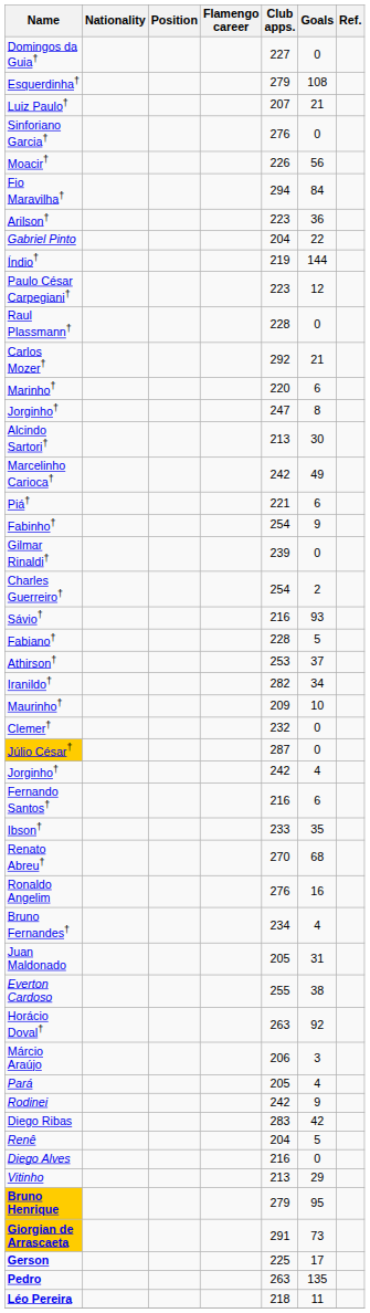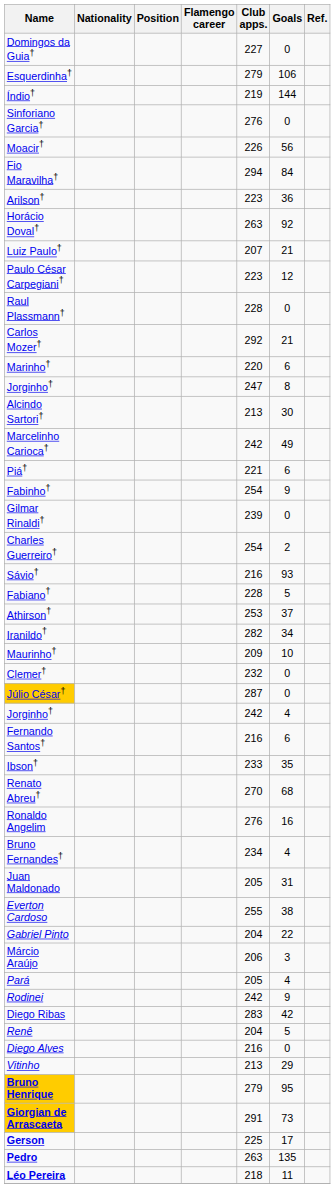 <table width=70% class="wikitable sortable" style="text-align:center;">
 <tr>
 <th>Name</th>
 <th>Nationality</th>
 <th>Position</th>
 <th>Flamengo career</th>
 <th>Club apps.</th>
 <th>Goals</th>
 <th class="unsortable">Ref.</th>
 </tr>
 <tr>
 <td scope="row" align="left"><a href='#'>Domingos da Guia</a><sup>†</sup></td>
 <td align="left"></td>
 <td></td>
 <td></td>
 <td>227</td>
 <td>0</td>
 <td></td>
 </tr>
 <tr>
 <td scope="row" align="left"><a href='#'>Esquerdinha</a><sup>†</sup></td>
 <td align="left"></td>
 <td></td>
 <td></td>
 <td>279</td>
-<td>108</td>
+<td>106</td>
 <td></td>
 </tr>
 <tr>
-<td scope="row" align="left"><a href='#'>Luiz Paulo</a><sup>†</sup></td>
+<td scope="row" align="left"><a href='#'>Índio</a><sup>†</sup></td>
 <td align="left"></td>
 <td></td>
 <td></td>
-<td>207</td>
-<td>21</td>
+<td>219</td>
+<td>144</td>
 <td></td>
 </tr>
 <tr>
 <td scope="row" align="left"><a href='#'>Sinforiano Garcia</a><sup>†</sup></td>
 <td align="left"></td>
 <td></td>
 <td></td>
 <td>276</td>
 <td>0</td>
 <td></td>
 </tr>
 <tr>
 <td scope="row" align="left"><a href='#'>Moacir</a><sup>†</sup></td>
 <td align="left"></td>
 <td></td>
 <td></td>
 <td>226</td>
 <td>56</td>
 <td></td>
 </tr>
 <tr>
 <td scope="row" align="left"><a href='#'>Fio Maravilha</a><sup>†</sup></td>
 <td align="left"></td>
 <td></td>
 <td></td>
 <td>294</td>
 <td>84</td>
 <td></td>
 </tr>
 <tr>
 <td scope="row" align="left"><a href='#'>Arilson</a><sup>†</sup></td>
 <td align="left"></td>
 <td></td>
 <td></td>
 <td>223</td>
 <td>36</td>
 <td></td>
 </tr>
 <tr>
-<td scope="row" align="left"><em><a href='#'>Gabriel Pinto</a></em></td>
+<td scope="row" align="left"><a href='#'>Horácio Doval</a><sup>†</sup></td>
 <td align="left"></td>
 <td></td>
 <td></td>
-<td>204</td>
-<td>22</td>
+<td>263</td>
+<td>92</td>
 <td></td>
 </tr>
 <tr>
-<td scope="row" align="left"><a href='#'>Índio</a><sup>†</sup></td>
+<td scope="row" align="left"><a href='#'>Luiz Paulo</a><sup>†</sup></td>
 <td align="left"></td>
 <td></td>
 <td></td>
-<td>219</td>
-<td>144</td>
+<td>207</td>
+<td>21</td>
 <td></td>
 </tr>
 <tr>
 <td scope="row" align="left"><a href='#'>Paulo César Carpegiani</a><sup>†</sup></td>
 <td align="left"></td>
 <td></td>
 <td></td>
 <td>223</td>
 <td>12</td>
 <td></td>
 </tr>
 <tr>
 <td scope="row" align="left"><a href='#'>Raul Plassmann</a><sup>†</sup></td>
 <td align="left"></td>
 <td></td>
 <td></td>
 <td>228</td>
 <td>0</td>
 <td></td>
 </tr>
 <tr>
 <td scope="row" align="left"><a href='#'>Carlos Mozer</a><sup>†</sup></td>
 <td align="left"></td>
 <td></td>
 <td></td>
 <td>292</td>
 <td>21</td>
 <td></td>
 </tr>
 <tr>
 <td scope="row" align="left"><a href='#'>Marinho</a><sup>†</sup></td>
 <td align="left"></td>
 <td></td>
 <td></td>
 <td>220</td>
 <td>6</td>
 <td></td>
 </tr>
 <tr>
 <td scope="row" align="left"><a href='#'>Jorginho</a><sup>†</sup></td>
 <td align="left"></td>
 <td></td>
 <td></td>
 <td>247</td>
 <td>8</td>
 <td></td>
 </tr>
 <tr>
 <td scope="row" align="left"><a href='#'>Alcindo Sartori</a><sup>†</sup></td>
 <td align="left"></td>
 <td></td>
 <td></td>
 <td>213</td>
 <td>30</td>
 <td></td>
 </tr>
 <tr>
 <td scope="row" align="left"><a href='#'>Marcelinho Carioca</a><sup>†</sup></td>
 <td align="left"></td>
 <td></td>
 <td></td>
 <td>242</td>
 <td>49</td>
 <td></td>
 </tr>
 <tr>
 <td scope="row" align="left"><a href='#'>Piá</a><sup>†</sup></td>
 <td align="left"></td>
 <td></td>
 <td></td>
 <td>221</td>
 <td>6</td>
 <td></td>
 </tr>
 <tr>
 <td scope="row" align="left"><a href='#'>Fabinho</a><sup>†</sup></td>
 <td align="left"></td>
 <td></td>
 <td></td>
 <td>254</td>
 <td>9</td>
 <td></td>
 </tr>
 <tr>
 <td scope="row" align="left"><a href='#'>Gilmar Rinaldi</a><sup>†</sup></td>
 <td align="left"></td>
 <td></td>
 <td></td>
 <td>239</td>
 <td>0</td>
 <td></td>
 </tr>
 <tr>
 <td scope="row" align="left"><a href='#'>Charles Guerreiro</a><sup>†</sup></td>
 <td align="left"></td>
 <td></td>
 <td></td>
 <td>254</td>
 <td>2</td>
 <td></td>
 </tr>
 <tr>
 <td scope="row" align="left"><a href='#'>Sávio</a><sup>†</sup></td>
 <td align="left"></td>
 <td></td>
 <td></td>
 <td>216</td>
 <td>93</td>
 <td></td>
 </tr>
 <tr>
 <td scope="row" align="left"><a href='#'>Fabiano</a><sup>†</sup></td>
 <td align="left"></td>
 <td></td>
 <td></td>
 <td>228</td>
 <td>5</td>
 <td></td>
 </tr>
 <tr>
 <td scope="row" align="left"><a href='#'>Athirson</a><sup>†</sup></td>
 <td align="left"></td>
 <td></td>
 <td></td>
 <td>253</td>
 <td>37</td>
 <td></td>
 </tr>
 <tr>
 <td scope="row" align="left"><a href='#'>Iranildo</a><sup>†</sup></td>
 <td align="left"></td>
 <td></td>
 <td></td>
 <td>282</td>
 <td>34</td>
 <td></td>
 </tr>
 <tr>
 <td scope="row" align="left"><a href='#'>Maurinho</a><sup>†</sup></td>
 <td align="left"></td>
 <td></td>
 <td></td>
 <td>209</td>
 <td>10</td>
 <td></td>
 </tr>
 <tr>
 <td scope="row" align="left"><a href='#'>Clemer</a><sup>†</sup></td>
 <td align="left"></td>
 <td></td>
 <td></td>
 <td>232</td>
 <td>0</td>
 <td></td>
 </tr>
 <tr>
 <td scope="row" align="left" style="background-color:#FFCC00"><a href='#'>Júlio César</a><sup>†</sup></td>
 <td align="left"></td>
 <td></td>
 <td></td>
 <td>287</td>
 <td>0</td>
 <td></td>
 </tr>
 <tr>
 <td scope="row" align="left"><a href='#'>Jorginho</a><sup>†</sup></td>
 <td align="left"></td>
 <td></td>
 <td></td>
 <td>242</td>
 <td>4</td>
 <td></td>
 </tr>
 <tr>
 <td scope="row" align="left"><a href='#'>Fernando Santos</a><sup>†</sup></td>
 <td align="left"></td>
 <td></td>
 <td></td>
 <td>216</td>
 <td>6</td>
 <td></td>
 </tr>
 <tr>
 <td scope="row" align="left"><a href='#'>Ibson</a><sup>†</sup></td>
 <td align="left"></td>
 <td></td>
 <td></td>
 <td>233</td>
 <td>35</td>
 <td></td>
 </tr>
 <tr>
 <td scope="row" align="left"><a href='#'>Renato Abreu</a><sup>†</sup></td>
 <td align="left"></td>
 <td></td>
 <td></td>
 <td>270</td>
 <td>68</td>
 <td></td>
 </tr>
 <tr>
 <td scope="row" align="left"><a href='#'>Ronaldo Angelim</a></td>
 <td align="left"></td>
 <td></td>
 <td></td>
 <td>276</td>
 <td>16</td>
 <td></td>
 </tr>
 <tr>
 <td scope="row" align="left"><a href='#'>Bruno Fernandes</a><sup>†</sup></td>
 <td align="left"></td>
 <td></td>
 <td></td>
 <td>234</td>
 <td>4</td>
 <td></td>
 </tr>
 <tr>
 <td scope="row" align="left"><a href='#'>Juan Maldonado</a></td>
 <td align="left"></td>
 <td></td>
 <td></td>
 <td>205</td>
 <td>31</td>
 <td></td>
 </tr>
 <tr>
 <td scope="row" align="left"><em><a href='#'>Everton Cardoso</a></em></td>
 <td align="left"></td>
 <td></td>
 <td></td>
 <td>255</td>
 <td>38</td>
 <td></td>
 </tr>
 <tr>
-<td scope="row" align="left"><a href='#'>Horácio Doval</a><sup>†</sup></td>
+<td scope="row" align="left"><em><a href='#'>Gabriel Pinto</a></em></td>
 <td align="left"></td>
 <td></td>
 <td></td>
-<td>263</td>
-<td>92</td>
+<td>204</td>
+<td>22</td>
 <td></td>
 </tr>
 <tr>
 <td scope="row" align="left"><a href='#'>Márcio Araújo</a></td>
 <td align="left"></td>
 <td></td>
 <td></td>
 <td>206</td>
 <td>3</td>
 <td></td>
 </tr>
 <tr>
 <td scope="row" align="left"><em><a href='#'>Pará</a></em></td>
 <td align="left"></td>
 <td></td>
 <td></td>
 <td>205</td>
 <td>4</td>
 <td></td>
 </tr>
 <tr>
 <td scope="row" align="left"><em><a href='#'>Rodinei</a></em></td>
 <td align="left"></td>
 <td></td>
 <td></td>
 <td>242</td>
 <td>9</td>
 <td></td>
 </tr>
 <tr>
 <td scope="row" align="left"><a href='#'>Diego Ribas</a></td>
 <td align="left"></td>
 <td></td>
 <td></td>
 <td>283</td>
 <td>42</td>
 <td></td>
 </tr>
 <tr>
 <td scope="row" align="left"><em><a href='#'>Renê</a></em></td>
 <td align="left"></td>
 <td></td>
 <td></td>
 <td>204</td>
 <td>5</td>
 <td></td>
 </tr>
 <tr>
 <td scope="row" align="left"><em><a href='#'>Diego Alves</a></em></td>
 <td align="left"></td>
 <td></td>
 <td></td>
 <td>216</td>
 <td>0</td>
 <td></td>
 </tr>
 <tr>
 <td scope="row" align="left"><em><a href='#'>Vitinho</a></em></td>
 <td align="left"></td>
 <td></td>
 <td></td>
 <td>213</td>
 <td>29</td>
 <td></td>
 </tr>
 <tr>
 <td scope="row" align="left" style="background-color:#FFCC00"><strong><a href='#'>Bruno Henrique</a></strong></td>
 <td align="left"></td>
 <td></td>
 <td></td>
 <td>279</td>
 <td>95</td>
 <td></td>
 </tr>
 <tr>
 <td scope="row" align="left" style="background-color:#FFCC00"><strong><a href='#'>Giorgian de Arrascaeta</a></strong></td>
 <td align="left"></td>
 <td></td>
 <td></td>
 <td>291</td>
 <td>73</td>
 <td></td>
 </tr>
 <tr>
 <td scope="row" align="left"><strong><a href='#'>Gerson</a></strong></td>
 <td align="left"></td>
 <td></td>
 <td></td>
 <td>225</td>
 <td>17</td>
 <td></td>
 </tr>
 <tr>
 <td scope="row" align="left"><strong><a href='#'>Pedro</a></strong></td>
 <td align="left"></td>
 <td></td>
 <td></td>
 <td>263</td>
 <td>135</td>
 <td></td>
 </tr>
 <tr>
 <td scope="row" align="left"><strong><a href='#'>Léo Pereira</a></strong></td>
 <td align="left"></td>
 <td></td>
 <td></td>
 <td>218</td>
 <td>11</td>
 <td></td>
 </tr>
 <tr>
 </tr>
 </table>
